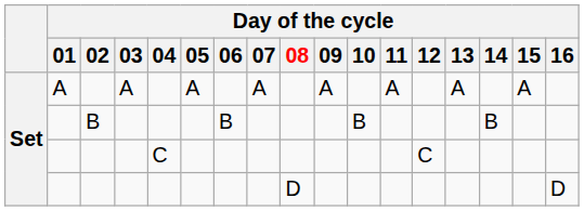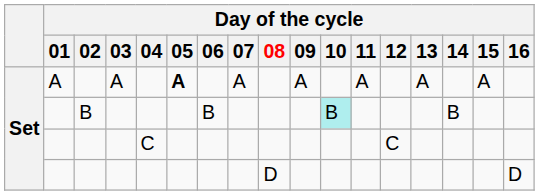 <table class="wikitable">
 <tr>
 <th rowspan="2"></th>
 <th colspan="16">Day of the cycle</th>
 </tr>
 <tr>
 <th>01</th>
 <th>02</th>
 <th>03</th>
 <th>04</th>
 <th>05</th>
 <th>06</th>
 <th>07</th>
 <th style="color:red;">08</th>
 <th>09</th>
 <th>10</th>
 <th>11</th>
 <th>12</th>
 <th>13</th>
 <th>14</th>
 <th>15</th>
 <th>16</th>
 </tr>
 <tr>
 <th rowspan="4">Set</th>
 <td>A</td>
 <td></td>
 <td>A</td>
 <td></td>
-<td>A</td>
+<td><strong>A</strong></td>
 <td></td>
 <td>A</td>
 <td></td>
 <td>A</td>
 <td></td>
 <td>A</td>
 <td></td>
 <td>A</td>
 <td></td>
 <td>A</td>
 <td></td>
 </tr>
 <tr>
 <td></td>
 <td>B</td>
 <td></td>
 <td></td>
 <td></td>
 <td>B</td>
 <td></td>
 <td></td>
 <td></td>
-<td>B</td>
+<td style="background: paleturquoise;">B</td>
 <td></td>
 <td></td>
 <td></td>
 <td>B</td>
 <td></td>
 <td></td>
 </tr>
 <tr>
 <td></td>
 <td></td>
 <td></td>
 <td>C</td>
 <td></td>
 <td></td>
 <td></td>
 <td></td>
 <td></td>
 <td></td>
 <td></td>
 <td>C</td>
 <td></td>
 <td></td>
 <td></td>
 <td></td>
 </tr>
 <tr>
 <td></td>
 <td></td>
 <td></td>
 <td></td>
 <td></td>
 <td></td>
 <td></td>
 <td>D</td>
 <td></td>
 <td></td>
 <td></td>
 <td></td>
 <td></td>
 <td></td>
 <td></td>
 <td>D</td>
 </tr>
 </table>
